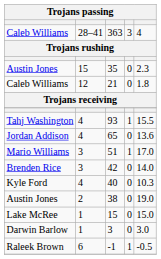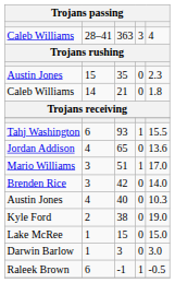 <table class="wikitable plainrowheaders">
 <tr>
 <th colspan="6">Trojans passing</th>
 </tr>
 <tr>
 <th scope="col"></th>
 <th scope="col"></th>
 <th scope="col"></th>
 <th scope="col"></th>
 <th scope="col"></th>
 </tr>
 <tr>
 <td><a href='#'>Caleb Williams</a></td>
 <td>28–41</td>
 <td>363</td>
 <td>3</td>
 <td>4</td>
 </tr>
 <tr>
 <th colspan="6">Trojans rushing</th>
 </tr>
 <tr>
 <th scope="col"></th>
 <th scope="col"></th>
 <th scope="col"></th>
 <th scope="col"></th>
 <th scope="col"></th>
 </tr>
 <tr>
 <td><a href='#'>Austin Jones</a></td>
 <td>15</td>
 <td>35</td>
 <td>0</td>
 <td>2.3</td>
 </tr>
 <tr>
 <td>Caleb Williams</td>
-<td>12</td>
+<td>14</td>
 <td>21</td>
 <td>0</td>
 <td>1.8</td>
 </tr>
 <tr>
 <th colspan="6">Trojans receiving</th>
 </tr>
 <tr>
 </tr>
 <tr>
 <th scope="col"></th>
 <th scope="col"></th>
 <th scope="col"></th>
 <th scope="col"></th>
 <th scope="col"></th>
 </tr>
 <tr>
 <td><a href='#'>Tahj Washington</a></td>
-<td>4</td>
+<td>6</td>
 <td>93</td>
 <td>1</td>
 <td>15.5</td>
 </tr>
 <tr>
 <td><a href='#'>Jordan Addison</a></td>
 <td>4</td>
 <td>65</td>
 <td>0</td>
 <td>13.6</td>
 </tr>
 <tr>
 <td><a href='#'>Mario Williams</a></td>
 <td>3</td>
 <td>51</td>
 <td>1</td>
 <td>17.0</td>
 </tr>
 <tr>
 <td><a href='#'>Brenden Rice</a></td>
 <td>3</td>
 <td>42</td>
 <td>0</td>
 <td>14.0</td>
 </tr>
 <tr>
-<td>Kyle Ford</td>
+<td>Austin Jones</td>
 <td>4</td>
 <td>40</td>
 <td>0</td>
 <td>10.3</td>
 </tr>
 <tr>
-<td>Austin Jones</td>
+<td>Kyle Ford</td>
 <td>2</td>
 <td>38</td>
 <td>0</td>
 <td>19.0</td>
 </tr>
 <tr>
 <td>Lake McRee</td>
 <td>1</td>
 <td>15</td>
 <td>0</td>
 <td>15.0</td>
 </tr>
 <tr>
 <td>Darwin Barlow</td>
 <td>1</td>
 <td>3</td>
 <td>0</td>
 <td>3.0</td>
 </tr>
 <tr>
 <td>Raleek Brown</td>
 <td>6</td>
 <td>-1</td>
 <td>1</td>
 <td>-0.5</td>
 </tr>
 <tr>
 </tr>
 </table>
